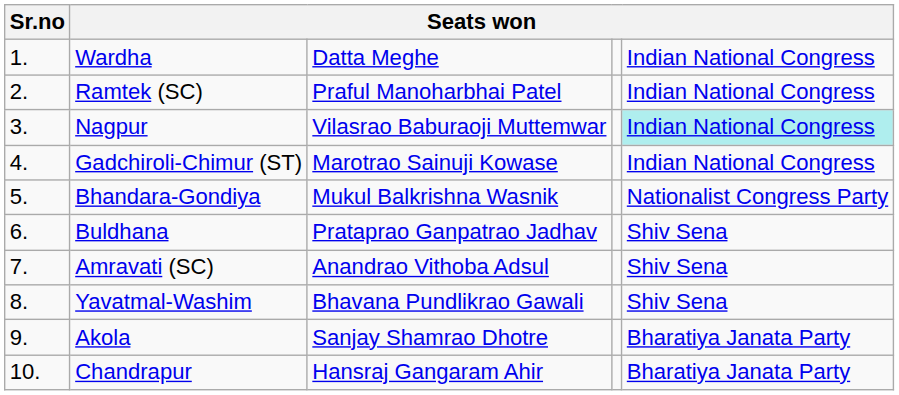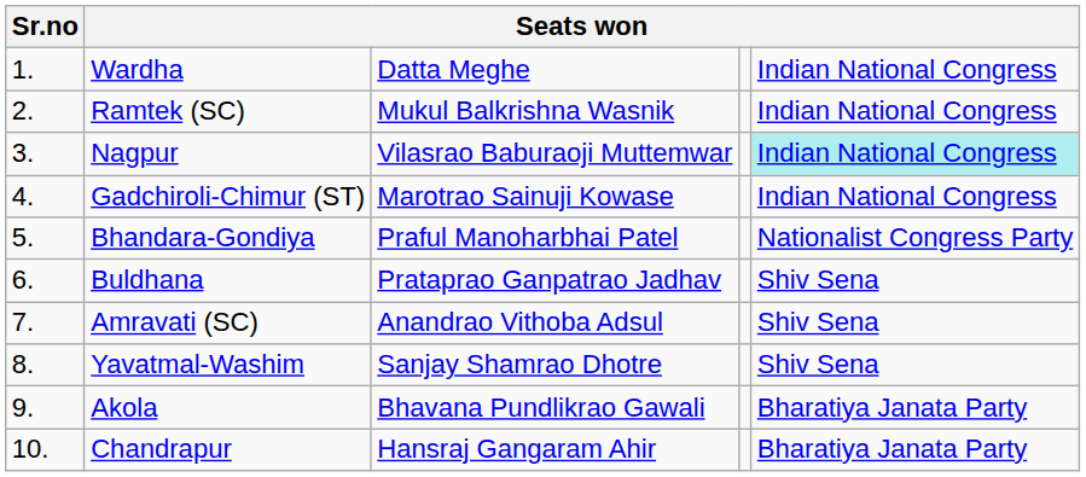 <table class="wikitable">
 <tr>
 <th>Sr.no</th>
 <th colspan="4">Seats won</th>
 </tr>
 <tr>
 <td>1.</td>
 <td><a href='#'>Wardha</a></td>
 <td><a href='#'>Datta Meghe</a></td>
 <td style="background-color: "></td>
 <td><a href='#'>Indian National Congress</a></td>
 </tr>
 <tr>
 <td>2.</td>
 <td><a href='#'>Ramtek</a> (SC)</td>
-<td><a href='#'>Praful Manoharbhai Patel</a></td>
+<td><a href='#'>Mukul Balkrishna Wasnik</a></td>
 <td style="background-color: "></td>
 <td><a href='#'>Indian National Congress</a></td>
 </tr>
 <tr>
 <td>3.</td>
 <td><a href='#'>Nagpur</a></td>
 <td><a href='#'>Vilasrao Baburaoji Muttemwar</a></td>
 <td style="background-color: "></td>
 <td style="background: paleturquoise;"><a href='#'>Indian National Congress</a></td>
 </tr>
 <tr>
 <td>4.</td>
 <td><a href='#'>Gadchiroli-Chimur</a> (ST)</td>
 <td><a href='#'>Marotrao Sainuji Kowase</a></td>
 <td style="background-color: "></td>
 <td><a href='#'>Indian National Congress</a></td>
 </tr>
 <tr>
 <td>5.</td>
 <td><a href='#'>Bhandara-Gondiya</a></td>
-<td><a href='#'>Mukul Balkrishna Wasnik</a></td>
+<td><a href='#'>Praful Manoharbhai Patel</a></td>
 <td style="background-color: "></td>
 <td><a href='#'>Nationalist Congress Party</a></td>
 </tr>
 <tr>
 <td>6.</td>
 <td><a href='#'>Buldhana</a></td>
 <td><a href='#'>Prataprao Ganpatrao Jadhav</a></td>
 <td style="background-color: "></td>
 <td><a href='#'>Shiv Sena</a></td>
 </tr>
 <tr>
 <td>7.</td>
 <td><a href='#'>Amravati</a> (SC)</td>
 <td><a href='#'>Anandrao Vithoba Adsul</a></td>
 <td style="background-color: "></td>
 <td><a href='#'>Shiv Sena</a></td>
 </tr>
 <tr>
 <td>8.</td>
 <td><a href='#'>Yavatmal-Washim</a></td>
-<td><a href='#'>Bhavana Pundlikrao Gawali</a></td>
+<td><a href='#'>Sanjay Shamrao Dhotre</a></td>
 <td style="background-color: "></td>
 <td><a href='#'>Shiv Sena</a></td>
 </tr>
 <tr>
 <td>9.</td>
 <td><a href='#'>Akola</a></td>
-<td><a href='#'>Sanjay Shamrao Dhotre</a></td>
+<td><a href='#'>Bhavana Pundlikrao Gawali</a></td>
 <td style="background-color:"></td>
 <td><a href='#'>Bharatiya Janata Party</a></td>
 </tr>
 <tr>
 <td>10.</td>
 <td><a href='#'>Chandrapur</a></td>
 <td><a href='#'>Hansraj Gangaram Ahir</a></td>
 <td style="background-color:"></td>
 <td><a href='#'>Bharatiya Janata Party</a></td>
 </tr>
 </table>
